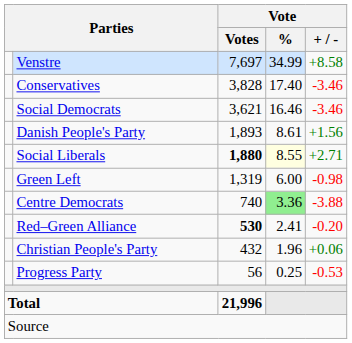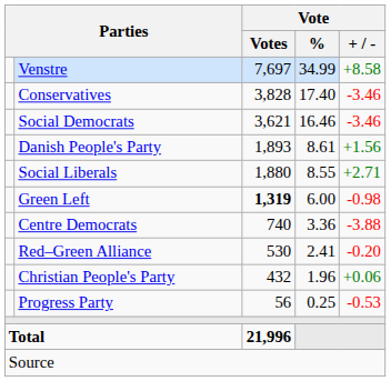 <table class="wikitable" style="text-align:right;">
 <tr>
 <th style="text-align:centre;" rowspan="2" colspan="2" width="225">Parties</th>
 <th colspan="3">Vote</th>
 </tr>
 <tr>
 <th width="15">Votes</th>
 <th width="15">%</th>
 <th width="15">+ / -</th>
 </tr>
 <tr>
 <td width="2" style="color:inherit;background:"></td>
 <td bgcolor=#cfe5fe  align="left"><a href='#'>Venstre</a></td>
 <td bgcolor=#cfe5fe>7,697</td>
 <td bgcolor=#cfe5fe>34.99</td>
 <td style=color:green;>+8.58</td>
 </tr>
 <tr>
 <td width="2" style="color:inherit;background:"></td>
 <td align="left"><a href='#'>Conservatives</a></td>
 <td>3,828</td>
 <td>17.40</td>
 <td style=color:red;>-3.46</td>
 </tr>
 <tr>
 <td width="2" style="color:inherit;background:"></td>
 <td align="left"><a href='#'>Social Democrats</a></td>
 <td>3,621</td>
 <td>16.46</td>
 <td style=color:red;>-3.46</td>
 </tr>
 <tr>
 <td width="2" style="color:inherit;background:"></td>
 <td align="left"><a href='#'>Danish People's Party</a></td>
 <td>1,893</td>
 <td>8.61</td>
 <td style=color:green;>+1.56</td>
 </tr>
 <tr>
 <td width="2" style="color:inherit;background:"></td>
 <td align="left"><a href='#'>Social Liberals</a></td>
-<td><strong>1,880</strong></td>
-<td style="background: lightyellow;">8.55</td>
+<td>1,880</td>
+<td>8.55</td>
 <td style=color:green;>+2.71</td>
 </tr>
 <tr>
 <td width="2" style="color:inherit;background:"></td>
 <td align="left"><a href='#'>Green Left</a></td>
-<td>1,319</td>
+<td><strong>1,319</strong></td>
 <td>6.00</td>
 <td style=color:red;>-0.98</td>
 </tr>
 <tr>
 <td width="2" style="color:inherit;background:"></td>
 <td align="left"><a href='#'>Centre Democrats</a></td>
 <td>740</td>
-<td style="background: lightgreen;">3.36</td>
+<td>3.36</td>
 <td style=color:red;>-3.88</td>
 </tr>
 <tr>
 <td width="2" style="color:inherit;background:"></td>
 <td align="left"><a href='#'>Red–Green Alliance</a></td>
-<td><strong>530</strong></td>
+<td>530</td>
 <td>2.41</td>
 <td style=color:red;>-0.20</td>
 </tr>
 <tr>
 <td width="2" style="color:inherit;background:"></td>
 <td align="left"><a href='#'>Christian People's Party</a></td>
 <td>432</td>
 <td>1.96</td>
 <td style=color:green;>+0.06</td>
 </tr>
 <tr>
 <td width="2" style="color:inherit;background:"></td>
 <td align="left"><a href='#'>Progress Party</a></td>
 <td>56</td>
 <td>0.25</td>
 <td style=color:red;>-0.53</td>
 </tr>
 <tr>
 <td colspan="7" bgcolor="#E9E9E9"></td>
 </tr>
 <tr>
 <td align="left" colspan="2"><strong>Total</strong></td>
 <td><strong>21,996</strong></td>
 <td bgcolor="#E9E9E9" colspan="2"></td>
 </tr>
 <tr>
 <td align="left" colspan="6">Source</td>
 </tr>
 </table>
